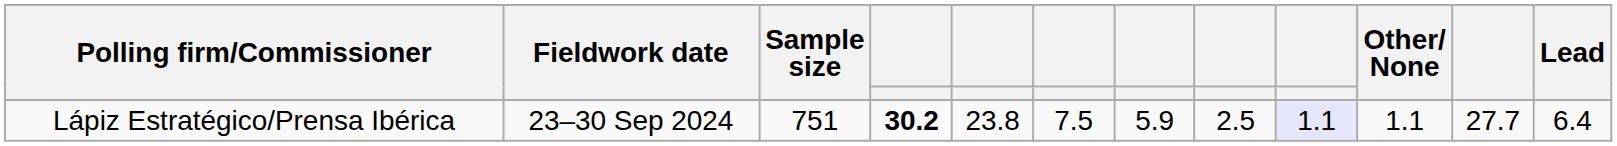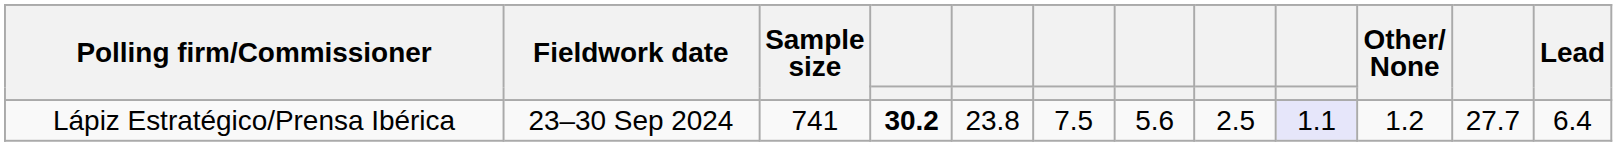 <table class="wikitable collapsible collapsed" style="text-align:center; font-size:90%; line-height:14px;">
 <tr style="height:42px;">
 <th style="width:250px;" rowspan="2">Polling firm/Commissioner</th>
 <th style="width:125px;" rowspan="2">Fieldwork date</th>
 <th style="width:50px;" rowspan="2">Sample size</th>
 <th style="width:35px;"></th>
 <th style="width:35px;"></th>
 <th style="width:35px;"></th>
 <th style="width:35px;"></th>
 <th style="width:35px;"><br></th>
 <th style="width:35px;"></th>
 <th style="width:35px;" rowspan="2">Other/<br>None</th>
 <th style="width:35px;" rowspan="2"></th>
 <th style="width:30px;" rowspan="2">Lead</th>
 </tr>
 <tr>
 <th style="color:inherit;background:"></th>
 <th style="color:inherit;background:"></th>
 <th style="color:inherit;background:"></th>
 <th style="color:inherit;background:"></th>
 <th style="color:inherit;background:"></th>
 <th style="color:inherit;background:"></th>
 </tr>
 <tr>
 <td>Lápiz Estratégico/Prensa Ibérica</td>
 <td>23–30 Sep 2024</td>
-<td>751</td>
+<td>741</td>
 <td><strong>30.2</strong></td>
 <td>23.8</td>
 <td>7.5</td>
-<td>5.9</td>
+<td>5.6</td>
 <td>2.5</td>
 <td style="background: lavender;">1.1</td>
-<td>1.1</td>
+<td>1.2</td>
 <td>27.7</td>
 <td style="background:">6.4</td>
 </tr>
 </table>
